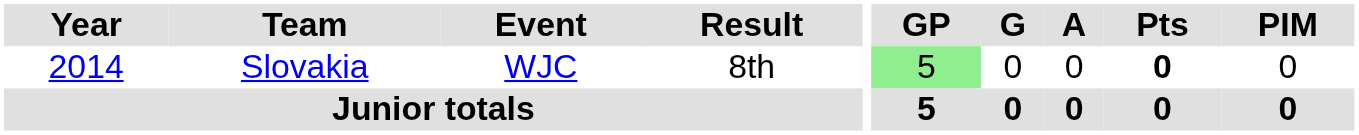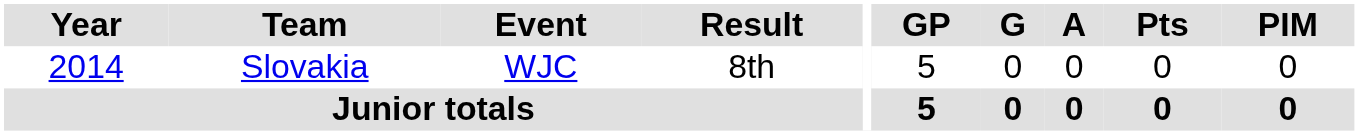 <table border="0" cellpadding="1" cellspacing="0" ID="Table3" style="text-align:center; width:40em">
 <tr ALIGN="center" bgcolor="#e0e0e0">
 <th>Year</th>
 <th>Team</th>
 <th>Event</th>
 <th>Result</th>
 <th rowspan="99" bgcolor="#ffffff"></th>
 <th>GP</th>
 <th>G</th>
 <th>A</th>
 <th>Pts</th>
 <th>PIM</th>
 </tr>
 <tr>
 <td><a href='#'>2014</a></td>
 <td><a href='#'>Slovakia</a></td>
 <td><a href='#'>WJC</a></td>
 <td>8th</td>
-<td style="background: lightgreen;">5</td>
+<td>5</td>
 <td>0</td>
 <td>0</td>
-<td><strong>0</strong></td>
+<td>0</td>
 <td>0</td>
 </tr>
 <tr bgcolor="#e0e0e0">
 <th colspan="4">Junior totals</th>
 <th>5</th>
 <th>0</th>
 <th>0</th>
 <th>0</th>
 <th>0</th>
 </tr>
 </table>
